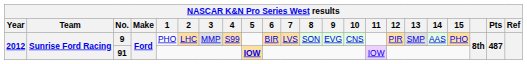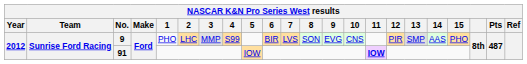 <table class="wikitable" style="text-align:center; font-size:75%">
 <tr>
 <th colspan=23><a href='#'>NASCAR K&N Pro Series West</a> results</th>
 </tr>
 <tr>
 <th>Year</th>
 <th>Team</th>
 <th>No.</th>
 <th>Make</th>
 <th>1</th>
 <th>2</th>
 <th>3</th>
 <th>4</th>
 <th>5</th>
 <th>6</th>
 <th>7</th>
 <th>8</th>
 <th>9</th>
 <th>10</th>
 <th>11</th>
 <th>12</th>
 <th>13</th>
 <th>14</th>
 <th>15</th>
 <th></th>
 <th>Pts</th>
 <th>Ref</th>
 </tr>
 <tr>
 <th rowspan=2><a href='#'>2012</a></th>
 <th rowspan=2><a href='#'>Sunrise Ford Racing</a></th>
 <th>9</th>
 <th rowspan=2><a href='#'>Ford</a></th>
 <td><a href='#'>PHO</a></td>
 <td style="background:#FFDF9F;"><a href='#'>LHC</a><br></td>
 <td style="background:#DFDFDF;"><a href='#'>MMP</a><br></td>
 <td style="background:#FFDF9F;"><a href='#'>S99</a><br></td>
 <td></td>
 <td style="background:#FFDF9F;"><a href='#'>BIR</a><br></td>
 <td style="background:#FFDF9F;"><a href='#'>LVS</a><br></td>
 <td style="background:#DFFFDF;"><a href='#'>SON</a><br></td>
 <td style="background:#DFFFDF;"><a href='#'>EVG</a><br></td>
 <td style="background:#DFFFDF;"><a href='#'>CNS</a><br></td>
 <td></td>
 <td style="background:#FFDF9F;"><a href='#'>PIR</a><br></td>
 <td style="background:#DFDFDF;"><a href='#'>SMP</a><br></td>
 <td style="background:#DFFFDF;"><a href='#'>AAS</a><br></td>
 <td style="background:#FFDF9F;"><a href='#'>PHO</a><br></td>
 <th rowspan=2>8th</th>
 <th rowspan=2>487</th>
 <th rowspan=2></th>
 </tr>
 <tr>
 <th>91</th>
 <td colspan=4></td>
-<td style="background:#FFDF9F;"><strong><a href='#'>IOW</a><br></strong></td>
+<td style="background:#FFDF9F;"><a href='#'>IOW</a><br></td>
 <td colspan=5></td>
-<td style="background:#EFCFFF;"><a href='#'>IOW</a><br></td>
+<td style="background:#EFCFFF;"><strong><a href='#'>IOW</a><br></strong></td>
 <td colspan=4></td>
 </tr>
 </table>
